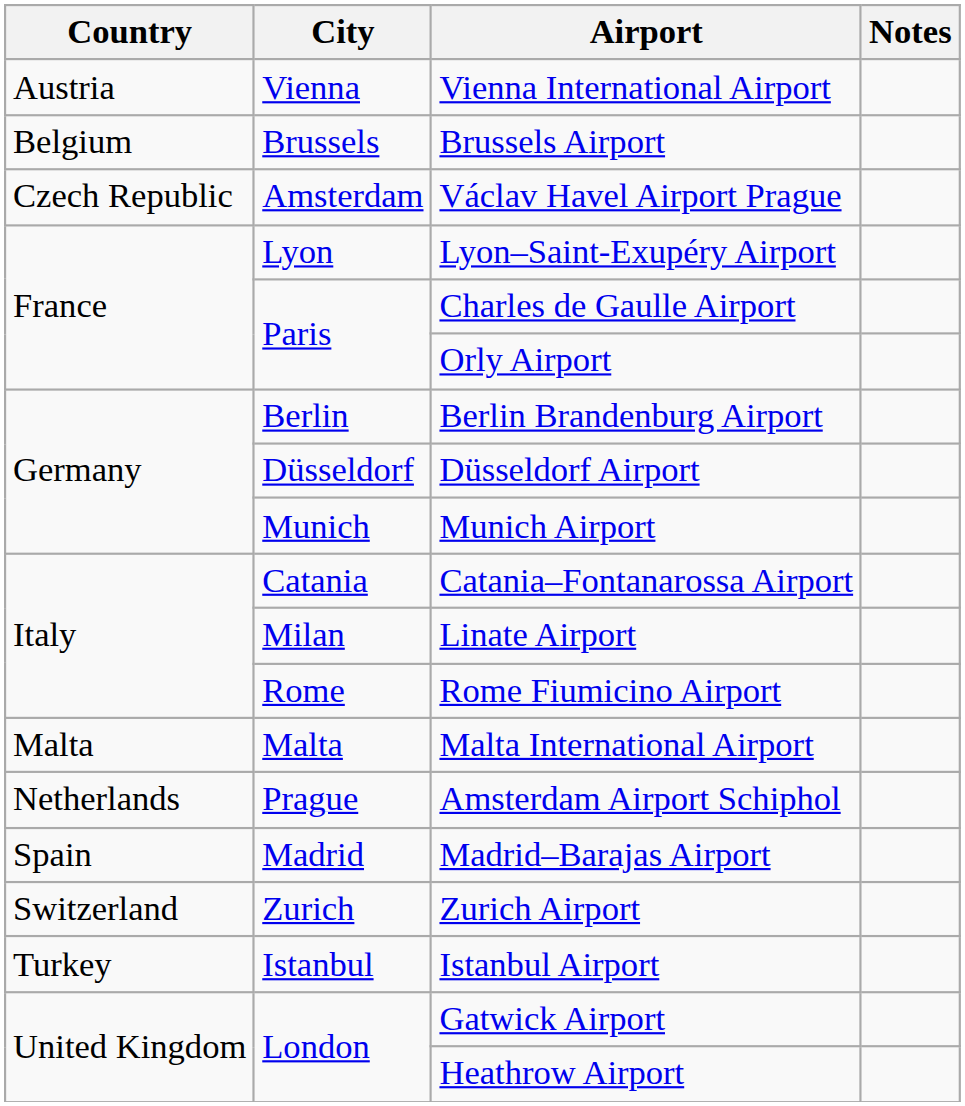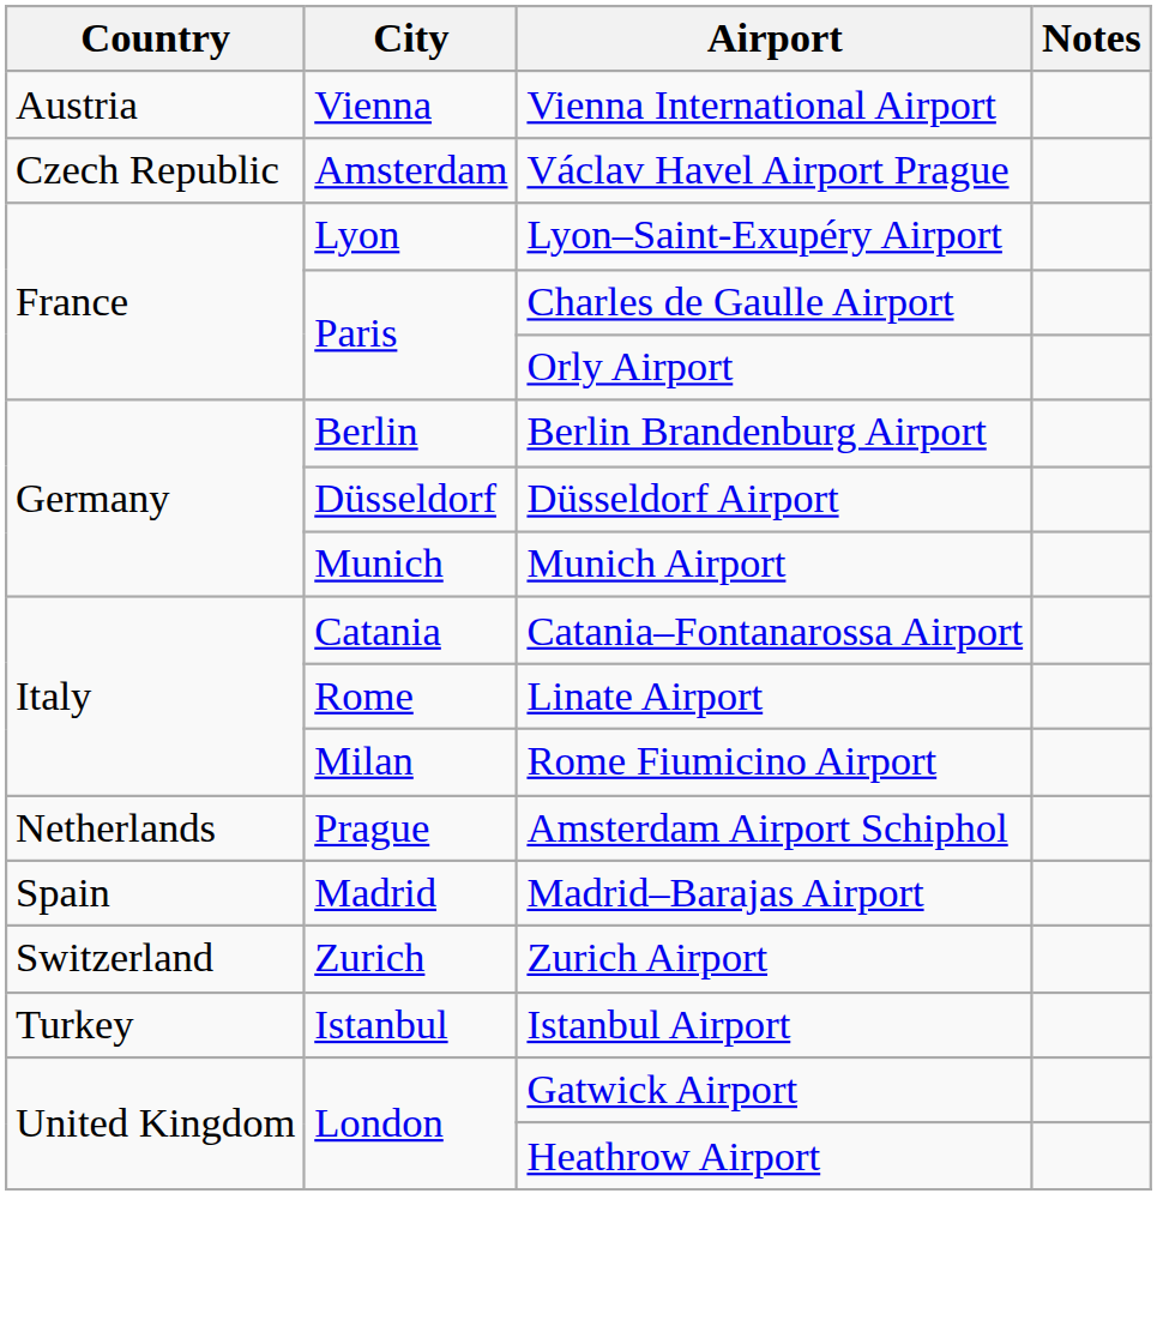 <table class="sortable wikitable">
 <tr>
 <th>Country</th>
 <th>City</th>
 <th>Airport</th>
 <th>Notes</th>
 </tr>
 <tr>
 <td>Austria</td>
 <td><a href='#'>Vienna</a></td>
 <td><a href='#'>Vienna International Airport</a></td>
-<td align=center></td>
-</tr>
-<tr>
-<td>Belgium</td>
-<td><a href='#'>Brussels</a></td>
-<td><a href='#'>Brussels Airport</a></td>
 <td align=center></td>
 </tr>
 <tr>
 <td>Czech Republic</td>
 <td><a href='#'>Amsterdam</a></td>
 <td><a href='#'>Václav Havel Airport Prague</a></td>
 <td align=center></td>
 </tr>
 <tr>
 <td rowspan="3">France</td>
 <td><a href='#'>Lyon</a></td>
 <td><a href='#'>Lyon–Saint-Exupéry Airport</a></td>
 <td align=center></td>
 </tr>
 <tr>
 <td rowspan="2"><a href='#'>Paris</a></td>
 <td><a href='#'>Charles de Gaulle Airport</a></td>
 <td align=center></td>
 </tr>
 <tr>
 <td><a href='#'>Orly Airport</a></td>
 <td align=center></td>
 </tr>
 <tr>
 <td rowspan="3">Germany</td>
 <td><a href='#'>Berlin</a></td>
 <td><a href='#'>Berlin Brandenburg Airport</a></td>
 <td align=center></td>
 </tr>
 <tr>
 <td><a href='#'>Düsseldorf</a></td>
 <td><a href='#'>Düsseldorf Airport</a></td>
 <td align=center></td>
 </tr>
 <tr>
 <td><a href='#'>Munich</a></td>
 <td><a href='#'>Munich Airport</a></td>
 <td align=center></td>
 </tr>
 <tr>
 <td rowspan="3">Italy</td>
 <td><a href='#'>Catania</a></td>
 <td><a href='#'>Catania–Fontanarossa Airport</a></td>
 <td align=center></td>
 </tr>
 <tr>
-<td><a href='#'>Milan</a></td>
+<td><a href='#'>Rome</a></td>
 <td><a href='#'>Linate Airport</a></td>
 <td align=center></td>
 </tr>
 <tr>
-<td><a href='#'>Rome</a></td>
+<td><a href='#'>Milan</a></td>
 <td><a href='#'>Rome Fiumicino Airport</a></td>
 <td align=center></td>
-</tr>
-<tr>
-<td>Malta</td>
-<td><a href='#'>Malta</a></td>
-<td><a href='#'>Malta International Airport</a></td>
-<td></td>
 </tr>
 <tr>
 <td>Netherlands</td>
 <td><a href='#'>Prague</a></td>
 <td><a href='#'>Amsterdam Airport Schiphol</a></td>
 <td align=center></td>
 </tr>
 <tr>
 <td>Spain</td>
 <td><a href='#'>Madrid</a></td>
 <td><a href='#'>Madrid–Barajas Airport</a></td>
 <td align=center></td>
 </tr>
 <tr>
 <td>Switzerland</td>
 <td><a href='#'>Zurich</a></td>
 <td><a href='#'>Zurich Airport</a></td>
 <td align=center></td>
 </tr>
 <tr>
 <td>Turkey</td>
 <td><a href='#'>Istanbul</a></td>
 <td><a href='#'>Istanbul Airport</a></td>
 <td></td>
 </tr>
 <tr>
 <td rowspan="2">United Kingdom</td>
 <td rowspan="2"><a href='#'>London</a></td>
 <td><a href='#'>Gatwick Airport</a></td>
 <td align=center></td>
 </tr>
 <tr>
 <td><a href='#'>Heathrow Airport</a></td>
 <td align=center></td>
 </tr>
 <tr>
 </tr>
 </table>
